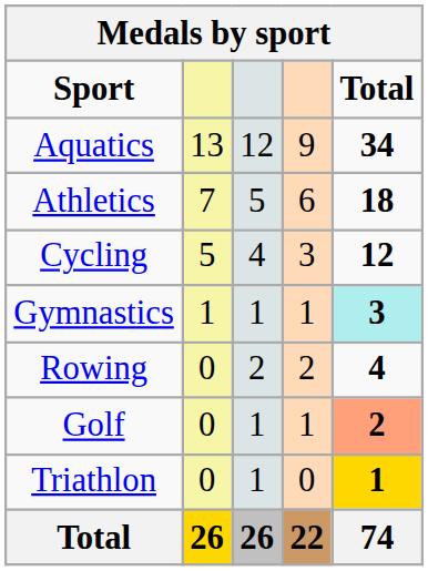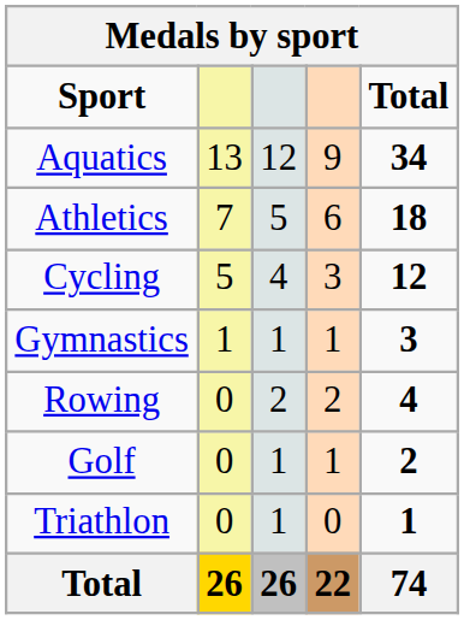 <table class="wikitable" style="font-size:85%; text-align:center;">
 <tr style="background:#efefef;">
 <th colspan=5><strong>Medals by sport</strong></th>
 </tr>
 <tr>
 <td><strong>Sport</strong></td>
 <td style="background:#f7f6a8;"></td>
 <td style="background:#dce5e5;"></td>
 <td style="background:#ffdab9;"></td>
 <td><strong>Total</strong></td>
 </tr>
 <tr>
 <td><a href='#'>Aquatics</a></td>
 <td style="background:#F7F6A8;">13</td>
 <td style="background:#DCE5E5;">12</td>
 <td style="background:#FFDAB9;">9</td>
 <td><strong>34</strong></td>
 </tr>
 <tr>
 <td><a href='#'>Athletics</a></td>
 <td style="background:#F7F6A8;">7</td>
 <td style="background:#DCE5E5;">5</td>
 <td style="background:#FFDAB9;">6</td>
 <td><strong>18</strong></td>
 </tr>
 <tr>
 <td><a href='#'>Cycling</a></td>
 <td style="background:#F7F6A8;">5</td>
 <td style="background:#DCE5E5;">4</td>
 <td style="background:#FFDAB9;">3</td>
 <td><strong>12</strong></td>
 </tr>
 <tr>
 <td><a href='#'>Gymnastics</a></td>
 <td style="background:#F7F6A8;">1</td>
 <td style="background:#DCE5E5;">1</td>
 <td style="background:#FFDAB9;">1</td>
-<td style="background: paleturquoise;"><strong>3</strong></td>
+<td><strong>3</strong></td>
 </tr>
 <tr>
 <td><a href='#'>Rowing</a></td>
 <td style="background:#F7F6A8;">0</td>
 <td style="background:#DCE5E5;">2</td>
 <td style="background:#FFDAB9;">2</td>
 <td><strong>4</strong></td>
 </tr>
 <tr>
 <td><a href='#'>Golf</a></td>
 <td style="background:#F7F6A8;">0</td>
 <td style="background:#DCE5E5;">1</td>
 <td style="background:#FFDAB9;">1</td>
-<td style="background: lightsalmon;"><strong>2</strong></td>
+<td><strong>2</strong></td>
 </tr>
 <tr>
 <td><a href='#'>Triathlon</a></td>
 <td style="background:#F7F6A8;">0</td>
 <td style="background:#DCE5E5;">1</td>
 <td style="background:#FFDAB9;">0</td>
-<td style="background: gold;"><strong>1</strong></td>
+<td><strong>1</strong></td>
 </tr>
 <tr>
 <th>Total</th>
 <th style="background:gold;">26</th>
 <th style="background:silver;">26</th>
 <th style="background:#c96;">22</th>
 <th>74</th>
 </tr>
 </table>
